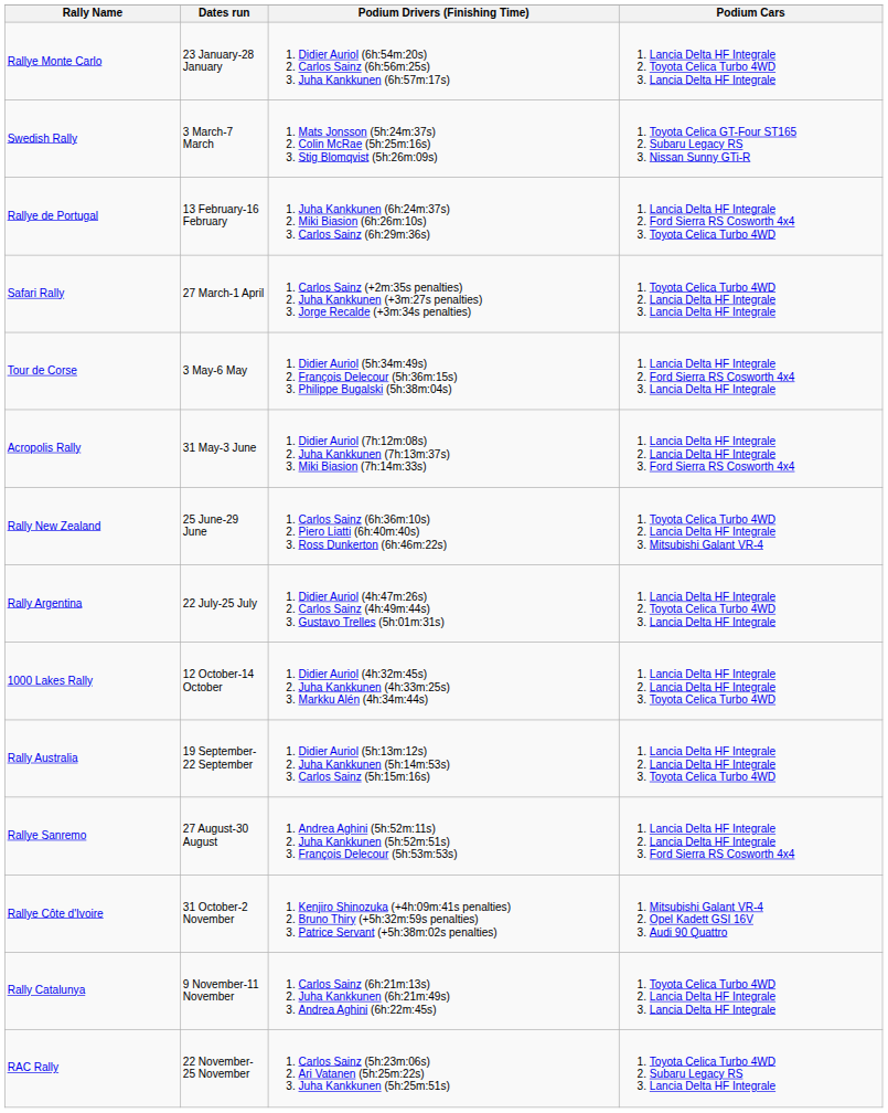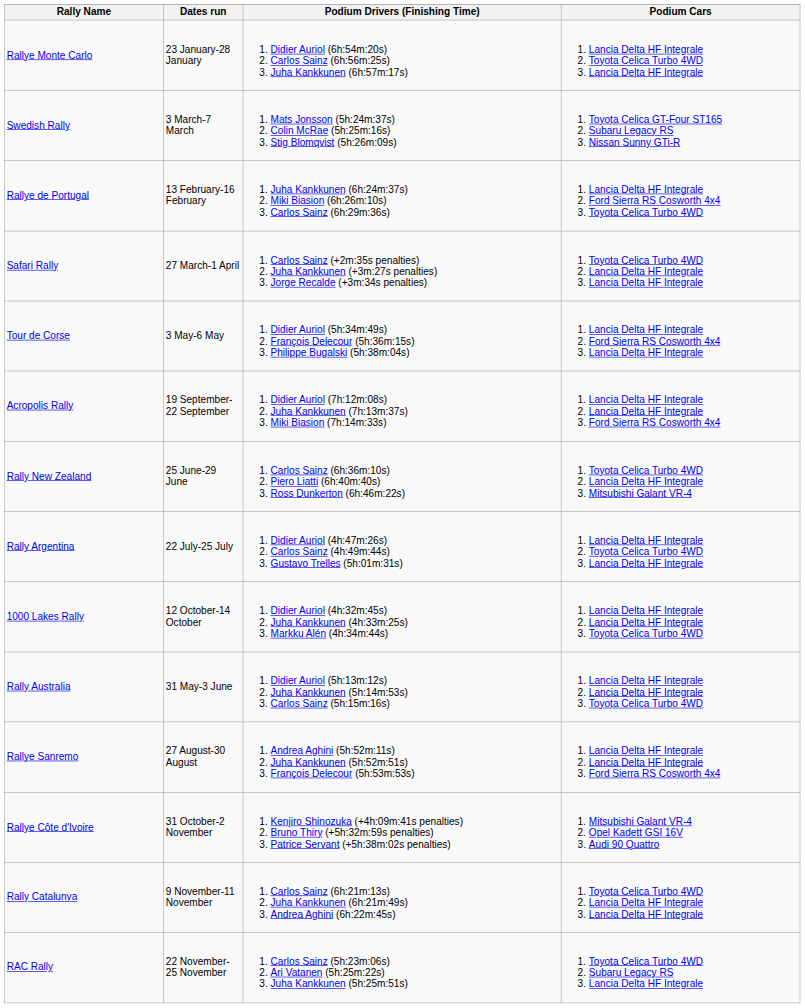 <table class="wikitable" width="100%" align=center>
 <tr>
 </tr>
 <tr style="background:#efefef;">
 <th colspan=1 width=20%>Rally Name</th>
 <th colspan=1 width=10%>Dates run</th>
 <th colspan=1 width=40%>Podium Drivers (Finishing Time)</th>
 <th colspan=1 width=30%>Podium Cars</th>
 </tr>
 <tr>
 <td> <a href='#'>Rallye Monte Carlo</a></td>
 <td>23 January-28 January</td>
 <td><br><ol><li> <a href='#'>Didier Auriol</a> (6h:54m:20s)</li><li> <a href='#'>Carlos Sainz</a> (6h:56m:25s)</li><li> <a href='#'>Juha Kankkunen</a> (6h:57m:17s)</li></ol></td>
 <td><br><ol><li><a href='#'>Lancia Delta HF Integrale</a></li><li><a href='#'>Toyota Celica Turbo 4WD</a></li><li><a href='#'>Lancia Delta HF Integrale</a></li></ol></td>
 </tr>
 <tr>
 <td> <a href='#'>Swedish Rally</a></td>
 <td>3 March-7 March</td>
 <td><br><ol><li> <a href='#'>Mats Jonsson</a> (5h:24m:37s)</li><li> <a href='#'>Colin McRae</a> (5h:25m:16s)</li><li> <a href='#'>Stig Blomqvist</a> (5h:26m:09s)</li></ol></td>
 <td><br><ol><li><a href='#'>Toyota Celica GT-Four ST165</a></li><li><a href='#'>Subaru Legacy RS</a></li><li><a href='#'>Nissan Sunny GTi-R</a></li></ol></td>
 </tr>
 <tr>
 <td> <a href='#'>Rallye de Portugal</a></td>
 <td>13 February-16 February</td>
 <td><br><ol><li> <a href='#'>Juha Kankkunen</a> (6h:24m:37s)</li><li> <a href='#'>Miki Biasion</a> (6h:26m:10s)</li><li> <a href='#'>Carlos Sainz</a> (6h:29m:36s)</li></ol></td>
 <td><br><ol><li><a href='#'>Lancia Delta HF Integrale</a></li><li><a href='#'>Ford Sierra RS Cosworth 4x4</a></li><li><a href='#'>Toyota Celica Turbo 4WD</a></li></ol></td>
 </tr>
 <tr>
 <td> <a href='#'>Safari Rally</a></td>
 <td>27 March-1 April</td>
 <td><br><ol><li> <a href='#'>Carlos Sainz</a> (+2m:35s penalties)</li><li> <a href='#'>Juha Kankkunen</a> (+3m:27s penalties)</li><li> <a href='#'>Jorge Recalde</a> (+3m:34s penalties)</li></ol></td>
 <td><br><ol><li><a href='#'>Toyota Celica Turbo 4WD</a></li><li><a href='#'>Lancia Delta HF Integrale</a></li><li><a href='#'>Lancia Delta HF Integrale</a></li></ol></td>
 </tr>
 <tr>
 <td> <a href='#'>Tour de Corse</a></td>
 <td>3 May-6 May</td>
 <td><br><ol><li> <a href='#'>Didier Auriol</a> (5h:34m:49s)</li><li> <a href='#'>François Delecour</a> (5h:36m:15s)</li><li> <a href='#'>Philippe Bugalski</a> (5h:38m:04s)</li></ol></td>
 <td><br><ol><li><a href='#'>Lancia Delta HF Integrale</a></li><li><a href='#'>Ford Sierra RS Cosworth 4x4</a></li><li><a href='#'>Lancia Delta HF Integrale</a></li></ol></td>
 </tr>
 <tr>
 <td> <a href='#'>Acropolis Rally</a></td>
-<td>31 May-3 June</td>
+<td>19 September-22 September</td>
 <td><br><ol><li> <a href='#'>Didier Auriol</a> (7h:12m:08s)</li><li> <a href='#'>Juha Kankkunen</a> (7h:13m:37s)</li><li> <a href='#'>Miki Biasion</a> (7h:14m:33s)</li></ol></td>
 <td><br><ol><li><a href='#'>Lancia Delta HF Integrale</a></li><li><a href='#'>Lancia Delta HF Integrale</a></li><li><a href='#'>Ford Sierra RS Cosworth 4x4</a></li></ol></td>
 </tr>
 <tr>
 <td> <a href='#'>Rally New Zealand</a></td>
 <td>25 June-29 June</td>
 <td><br><ol><li> <a href='#'>Carlos Sainz</a> (6h:36m:10s)</li><li> <a href='#'>Piero Liatti</a> (6h:40m:40s)</li><li> <a href='#'>Ross Dunkerton</a> (6h:46m:22s)</li></ol></td>
 <td><br><ol><li><a href='#'>Toyota Celica Turbo 4WD</a></li><li><a href='#'>Lancia Delta HF Integrale</a></li><li><a href='#'>Mitsubishi Galant VR-4</a></li></ol></td>
 </tr>
 <tr>
 <td> <a href='#'>Rally Argentina</a></td>
 <td>22 July-25 July</td>
 <td><br><ol><li> <a href='#'>Didier Auriol</a> (4h:47m:26s)</li><li> <a href='#'>Carlos Sainz</a> (4h:49m:44s)</li><li> <a href='#'>Gustavo Trelles</a> (5h:01m:31s)</li></ol></td>
 <td><br><ol><li><a href='#'>Lancia Delta HF Integrale</a></li><li><a href='#'>Toyota Celica Turbo 4WD</a></li><li><a href='#'>Lancia Delta HF Integrale</a></li></ol></td>
 </tr>
 <tr>
 <td> <a href='#'>1000 Lakes Rally</a></td>
 <td>12 October-14 October</td>
 <td><br><ol><li> <a href='#'>Didier Auriol</a> (4h:32m:45s)</li><li> <a href='#'>Juha Kankkunen</a> (4h:33m:25s)</li><li> <a href='#'>Markku Alén</a> (4h:34m:44s)</li></ol></td>
 <td><br><ol><li><a href='#'>Lancia Delta HF Integrale</a></li><li><a href='#'>Lancia Delta HF Integrale</a></li><li><a href='#'>Toyota Celica Turbo 4WD</a></li></ol></td>
 </tr>
 <tr>
 <td> <a href='#'>Rally Australia</a></td>
-<td>19 September-22 September</td>
+<td>31 May-3 June</td>
 <td><br><ol><li> <a href='#'>Didier Auriol</a> (5h:13m:12s)</li><li> <a href='#'>Juha Kankkunen</a> (5h:14m:53s)</li><li> <a href='#'>Carlos Sainz</a> (5h:15m:16s)</li></ol></td>
 <td><br><ol><li><a href='#'>Lancia Delta HF Integrale</a></li><li><a href='#'>Lancia Delta HF Integrale</a></li><li><a href='#'>Toyota Celica Turbo 4WD</a></li></ol></td>
 </tr>
 <tr>
 <td> <a href='#'>Rallye Sanremo</a></td>
 <td>27 August-30 August</td>
 <td><br><ol><li> <a href='#'>Andrea Aghini</a> (5h:52m:11s)</li><li> <a href='#'>Juha Kankkunen</a> (5h:52m:51s)</li><li> <a href='#'>François Delecour</a> (5h:53m:53s)</li></ol></td>
 <td><br><ol><li><a href='#'>Lancia Delta HF Integrale</a></li><li><a href='#'>Lancia Delta HF Integrale</a></li><li><a href='#'>Ford Sierra RS Cosworth 4x4</a></li></ol></td>
 </tr>
 <tr>
 <td> <a href='#'>Rallye Côte d'Ivoire</a></td>
 <td>31 October-2 November</td>
 <td><br><ol><li> <a href='#'>Kenjiro Shinozuka</a> (+4h:09m:41s penalties)</li><li> <a href='#'>Bruno Thiry</a> (+5h:32m:59s penalties)</li><li> <a href='#'>Patrice Servant</a> (+5h:38m:02s penalties)</li></ol></td>
 <td><br><ol><li><a href='#'>Mitsubishi Galant VR-4</a></li><li><a href='#'>Opel Kadett GSI 16V</a></li><li><a href='#'>Audi 90 Quattro</a></li></ol></td>
 </tr>
 <tr>
 <td> <a href='#'>Rally Catalunya</a></td>
 <td>9 November-11 November</td>
 <td><br><ol><li> <a href='#'>Carlos Sainz</a> (6h:21m:13s)</li><li> <a href='#'>Juha Kankkunen</a> (6h:21m:49s)</li><li> <a href='#'>Andrea Aghini</a> (6h:22m:45s)</li></ol></td>
 <td><br><ol><li><a href='#'>Toyota Celica Turbo 4WD</a></li><li><a href='#'>Lancia Delta HF Integrale</a></li><li><a href='#'>Lancia Delta HF Integrale</a></li></ol></td>
 </tr>
 <tr>
 <td> <a href='#'>RAC Rally</a></td>
 <td>22 November-25 November</td>
 <td><br><ol><li> <a href='#'>Carlos Sainz</a> (5h:23m:06s)</li><li> <a href='#'>Ari Vatanen</a> (5h:25m:22s)</li><li> <a href='#'>Juha Kankkunen</a> (5h:25m:51s)</li></ol></td>
 <td><br><ol><li><a href='#'>Toyota Celica Turbo 4WD</a></li><li><a href='#'>Subaru Legacy RS</a></li><li><a href='#'>Lancia Delta HF Integrale</a></li></ol></td>
 </tr>
 </table>
